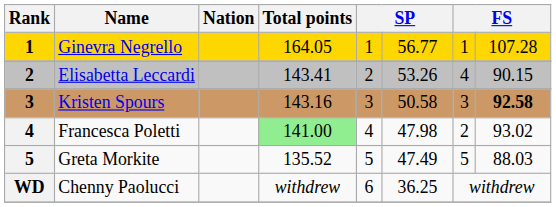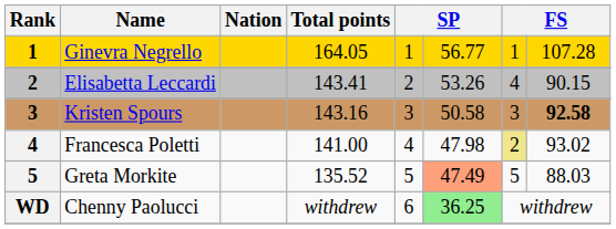 <table class="wikitable sortable">
 <tr>
 <th>Rank</th>
 <th>Name</th>
 <th>Nation</th>
 <th>Total points</th>
 <th colspan="2" width="80px"><a href='#'>SP</a></th>
 <th colspan="2" width="80px"><a href='#'>FS</a></th>
 </tr>
 <tr bgcolor="gold">
 <td align="center"><strong>1</strong></td>
 <td><a href='#'>Ginevra Negrello</a></td>
 <td></td>
 <td align="center">164.05</td>
 <td align="center">1</td>
 <td align="center">56.77</td>
 <td align="center">1</td>
 <td align="center">107.28</td>
 </tr>
 <tr>
 </tr>
 <tr bgcolor="silver">
 <td align="center"><strong>2</strong></td>
 <td><a href='#'>Elisabetta Leccardi</a></td>
 <td></td>
 <td align="center">143.41</td>
 <td align="center">2</td>
 <td align="center">53.26</td>
 <td align="center">4</td>
 <td align="center">90.15</td>
 </tr>
 <tr>
 </tr>
 <tr bgcolor="cc9966">
 <td align="center"><strong>3</strong></td>
 <td><a href='#'>Kristen Spours</a></td>
 <td></td>
 <td align="center">143.16</td>
 <td align="center">3</td>
 <td align="center">50.58</td>
 <td align="center">3</td>
 <td align="center"><strong>92.58</strong></td>
 </tr>
 <tr>
 <th>4</th>
 <td>Francesca Poletti</td>
 <td></td>
-<td align="center" style="background: lightgreen;">141.00</td>
+<td align="center">141.00</td>
 <td align="center">4</td>
 <td align="center">47.98</td>
-<td align="center">2</td>
+<td align="center" style="background: khaki;">2</td>
 <td align="center">93.02</td>
 </tr>
 <tr>
 <th>5</th>
 <td>Greta Morkite</td>
 <td></td>
 <td align="center">135.52</td>
 <td align="center">5</td>
-<td align="center">47.49</td>
+<td align="center" style="background: lightsalmon;">47.49</td>
 <td align="center">5</td>
 <td align="center">88.03</td>
 </tr>
 <tr>
 <th>WD</th>
 <td>Chenny Paolucci</td>
 <td></td>
 <td align="center"; style="text-align:center"><em>withdrew</em></td>
 <td align="center">6</td>
-<td align="center">36.25</td>
+<td align="center" style="background: lightgreen;">36.25</td>
 <td colspan="2"; style="text-align:center"><em>withdrew</em></td>
 </tr>
 <tr>
 </tr>
 </table>
